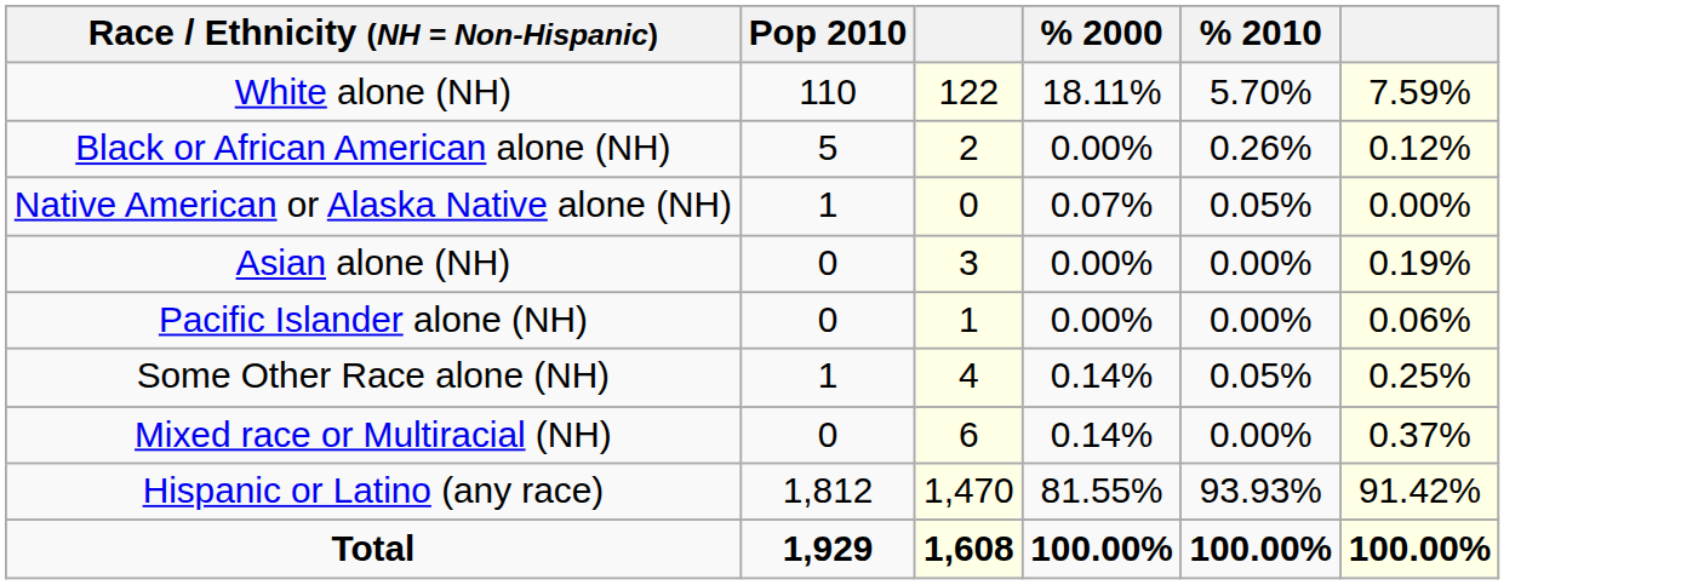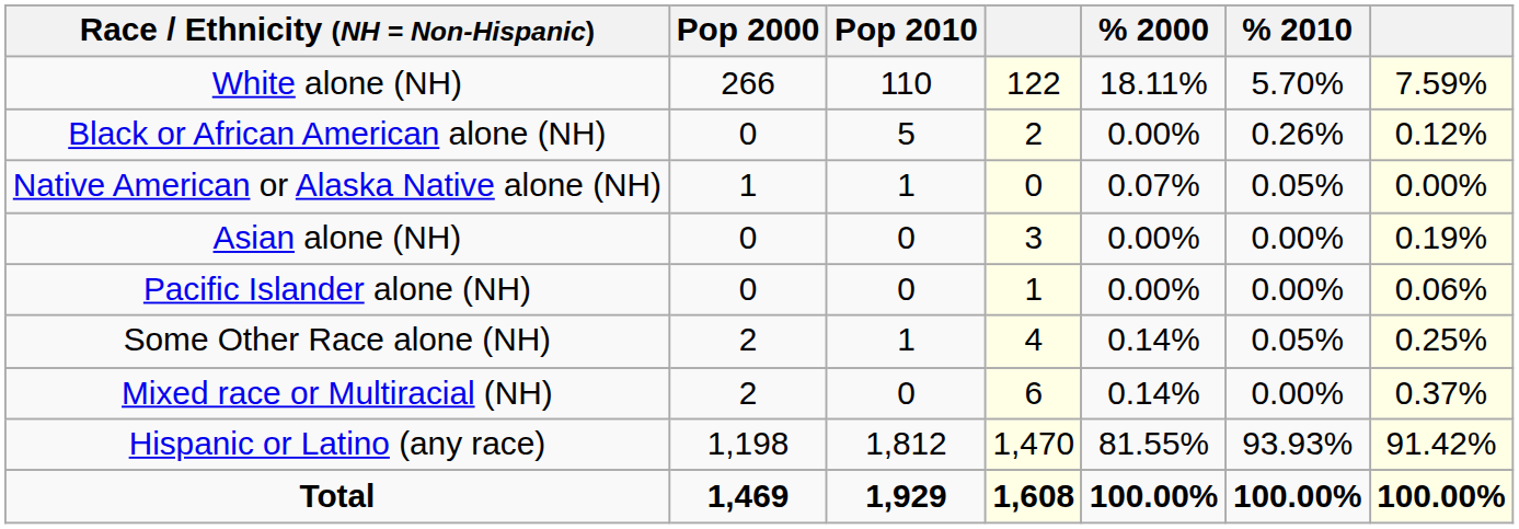 <table class="wikitable" style="text-align:center;">
 <tr>
 <th>Race / Ethnicity <small>(<em>NH = Non-Hispanic</em>)</small></th>
+<th>Pop 2000</th>
 <th>Pop 2010</th>
 <th></th>
 <th>% 2000</th>
 <th>% 2010</th>
 <th></th>
 </tr>
 <tr>
 <td><a href='#'>White</a> alone (NH)</td>
+<td>266</td>
 <td>110</td>
 <td style='background: #ffffe6;'>122</td>
 <td>18.11%</td>
 <td>5.70%</td>
 <td style='background: #ffffe6;'>7.59%</td>
 </tr>
 <tr>
 <td><a href='#'>Black or African American</a> alone (NH)</td>
+<td>0</td>
 <td>5</td>
 <td style='background: #ffffe6;'>2</td>
 <td>0.00%</td>
 <td>0.26%</td>
 <td style='background: #ffffe6;'>0.12%</td>
 </tr>
 <tr>
 <td><a href='#'>Native American</a> or <a href='#'>Alaska Native</a> alone (NH)</td>
 <td>1</td>
+<td>1</td>
 <td style='background: #ffffe6;'>0</td>
 <td>0.07%</td>
 <td>0.05%</td>
 <td style='background: #ffffe6;'>0.00%</td>
 </tr>
 <tr>
 <td><a href='#'>Asian</a> alone (NH)</td>
+<td>0</td>
 <td>0</td>
 <td style='background: #ffffe6;'>3</td>
 <td>0.00%</td>
 <td>0.00%</td>
 <td style='background: #ffffe6;'>0.19%</td>
 </tr>
 <tr>
 <td><a href='#'>Pacific Islander</a> alone (NH)</td>
 <td>0</td>
+<td>0</td>
 <td style='background: #ffffe6;'>1</td>
 <td>0.00%</td>
 <td>0.00%</td>
 <td style='background: #ffffe6;'>0.06%</td>
 </tr>
 <tr>
 <td>Some Other Race alone (NH)</td>
+<td>2</td>
 <td>1</td>
 <td style='background: #ffffe6;'>4</td>
 <td>0.14%</td>
 <td>0.05%</td>
 <td style='background: #ffffe6;'>0.25%</td>
 </tr>
 <tr>
 <td><a href='#'>Mixed race or Multiracial</a> (NH)</td>
+<td>2</td>
 <td>0</td>
 <td style='background: #ffffe6;'>6</td>
 <td>0.14%</td>
 <td>0.00%</td>
 <td style='background: #ffffe6;'>0.37%</td>
 </tr>
 <tr>
 <td><a href='#'>Hispanic or Latino</a> (any race)</td>
+<td>1,198</td>
 <td>1,812</td>
 <td style='background: #ffffe6;'>1,470</td>
 <td>81.55%</td>
 <td>93.93%</td>
 <td style='background: #ffffe6;'>91.42%</td>
 </tr>
 <tr>
 <td><strong>Total</strong></td>
+<td><strong>1,469</strong></td>
 <td><strong>1,929</strong></td>
 <td style='background: #ffffe6;'><strong>1,608</strong></td>
 <td><strong>100.00%</strong></td>
 <td><strong>100.00%</strong></td>
 <td style='background: #ffffe6;'><strong>100.00%</strong></td>
 </tr>
 </table>
